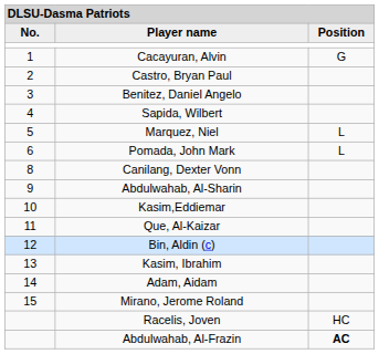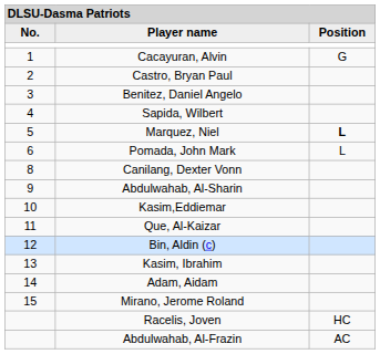 <table class='wikitable mw-collapsible mw-collapsed' style='text-align: center; width: 500px; border: none;'>
 <tr>
 <th style="background:#D4D4D4; text-align:left;" colspan=3> DLSU-Dasma Patriots</th>
 </tr>
 <tr style="background:#EEEEEE; font-weight:bold;">
 <td width=10%>No.</td>
 <td width=50%>Player name</td>
 <td width=10%>Position</td>
 </tr>
 <tr style="background:#FFFFFF;">
 <td colspan=3 align=center></td>
 </tr>
 <tr>
 <td align=center>1</td>
 <td>Cacayuran, Alvin</td>
 <td align=center>G</td>
 </tr>
 <tr>
 <td align=center>2</td>
 <td>Castro, Bryan Paul</td>
 <td align=center></td>
 </tr>
 <tr>
 <td align=center>3</td>
 <td>Benitez, Daniel Angelo</td>
 <td align=center></td>
 </tr>
 <tr>
 <td align=center>4</td>
 <td>Sapida, Wilbert</td>
 <td align=center></td>
 </tr>
 <tr>
 <td align=center>5</td>
 <td>Marquez, Niel</td>
-<td align=center>L</td>
+<td align=center><strong>L</strong></td>
 </tr>
 <tr>
 <td align=center>6</td>
 <td>Pomada, John Mark</td>
 <td align=center>L</td>
 </tr>
 <tr>
 <td align=center>8</td>
 <td>Canilang, Dexter Vonn</td>
 <td align=center></td>
 </tr>
 <tr>
 <td align=center>9</td>
 <td>Abdulwahab, Al-Sharin</td>
 <td align=center></td>
 </tr>
 <tr>
 <td align=center>10</td>
 <td>Kasim,Eddiemar</td>
 <td align=center></td>
 </tr>
 <tr>
 <td align=center>11</td>
 <td>Que, Al-Kaizar</td>
 <td align=center></td>
 </tr>
 <tr style="background:#D0E6FF;">
 <td align=center>12</td>
 <td>Bin, Aldin  (<a href='#'>c</a>)</td>
 <td align=center></td>
 </tr>
 <tr>
 <td align=center>13</td>
 <td>Kasim, Ibrahim</td>
 <td align=center></td>
 </tr>
 <tr>
 <td align=center>14</td>
 <td>Adam, Aidam</td>
 <td align=center></td>
 </tr>
 <tr>
 <td align=center>15</td>
 <td>Mirano, Jerome Roland</td>
 <td align=center></td>
 </tr>
 <tr>
 <td align=center></td>
 <td>Racelis, Joven</td>
 <td align=center>HC</td>
 </tr>
 <tr>
 <td align=center></td>
 <td>Abdulwahab, Al-Frazin</td>
-<td align=center><strong>AC</strong></td>
+<td align=center>AC</td>
 </tr>
 <tr>
 </tr>
 </table>
